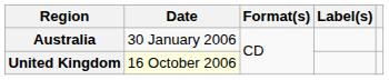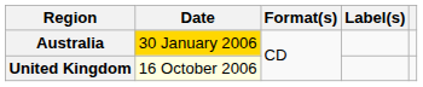 <table class="wikitable plainrowheaders">
 <tr>
 <th scope="col">Region</th>
 <th scope="col">Date</th>
 <th scope="col">Format(s)</th>
 <th scope="col">Label(s)</th>
 <th scope="col"></th>
 </tr>
 <tr>
 <th scope="row">Australia</th>
-<td>30 January 2006</td>
+<td style="background: gold;">30 January 2006</td>
 <td rowspan="2">CD</td>
 <td></td>
 <td></td>
 </tr>
 <tr>
 <th scope="row">United Kingdom</th>
 <td style="background: lightyellow;">16 October 2006</td>
 <td></td>
 <td></td>
 </tr>
 </table>
